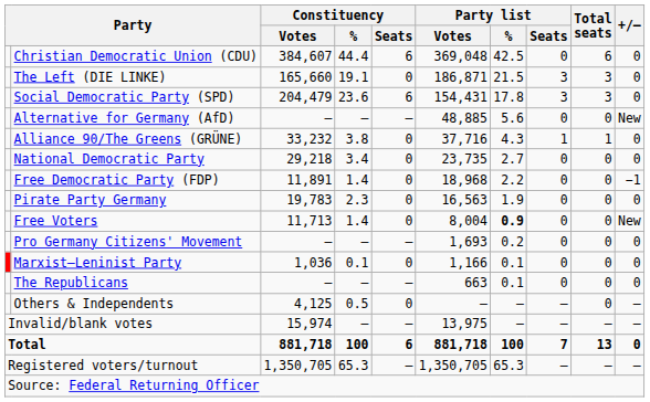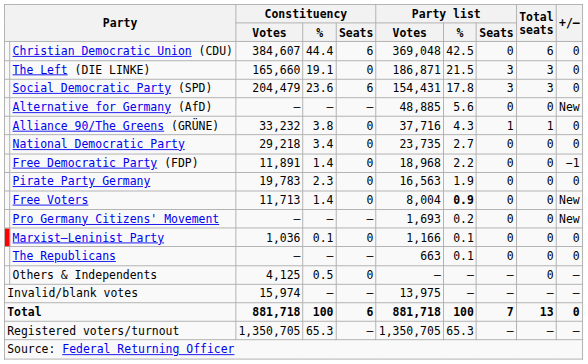 <table class="wikitable" style="text-align:right">
 <tr>
 <th colspan="2" rowspan="2">Party</th>
 <th colspan="3">Constituency</th>
 <th colspan="3">Party list</th>
 <th rowspan="2">Total<br>seats</th>
 <th rowspan="2">+/–</th>
 </tr>
 <tr>
 <th>Votes</th>
 <th>%</th>
 <th>Seats</th>
 <th>Votes</th>
 <th>%</th>
 <th>Seats</th>
 </tr>
 <tr>
 <td></td>
 <td align="left"><a href='#'>Christian Democratic Union</a> (CDU)</td>
 <td>384,607</td>
 <td>44.4</td>
 <td>6</td>
 <td>369,048</td>
 <td>42.5</td>
 <td>0</td>
 <td>6</td>
 <td>0</td>
 </tr>
 <tr>
 <td></td>
 <td align="left"><a href='#'>The Left</a> (DIE LINKE)</td>
 <td>165,660</td>
 <td>19.1</td>
 <td>0</td>
 <td>186,871</td>
 <td>21.5</td>
 <td>3</td>
 <td>3</td>
 <td>0</td>
 </tr>
 <tr>
 <td></td>
 <td align="left"><a href='#'>Social Democratic Party</a> (SPD)</td>
 <td>204,479</td>
 <td>23.6</td>
 <td>6</td>
 <td>154,431</td>
 <td>17.8</td>
 <td>3</td>
 <td>3</td>
 <td>0</td>
 </tr>
 <tr>
 <td></td>
 <td align="left"><a href='#'>Alternative for Germany</a> (AfD)</td>
 <td>–</td>
 <td>–</td>
 <td>–</td>
 <td>48,885</td>
 <td>5.6</td>
 <td>0</td>
 <td>0</td>
 <td>New</td>
 </tr>
 <tr>
 <td></td>
 <td align="left"><a href='#'>Alliance 90/The Greens</a> (GRÜNE)</td>
 <td>33,232</td>
 <td>3.8</td>
 <td>0</td>
 <td>37,716</td>
 <td>4.3</td>
 <td>1</td>
 <td>1</td>
 <td>0</td>
 </tr>
 <tr>
 <td style="background-color:"></td>
 <td align="left"><a href='#'>National Democratic Party</a></td>
 <td>29,218</td>
 <td>3.4</td>
 <td>0</td>
 <td>23,735</td>
 <td>2.7</td>
 <td>0</td>
 <td>0</td>
 <td>0</td>
 </tr>
 <tr>
 <td></td>
 <td align="left"><a href='#'>Free Democratic Party</a> (FDP)</td>
 <td>11,891</td>
 <td>1.4</td>
 <td>0</td>
 <td>18,968</td>
 <td>2.2</td>
 <td>0</td>
 <td>0</td>
 <td>−1</td>
 </tr>
 <tr>
 <td style="background-color:"></td>
 <td align="left"><a href='#'>Pirate Party Germany</a></td>
 <td>19,783</td>
 <td>2.3</td>
 <td>0</td>
 <td>16,563</td>
 <td>1.9</td>
 <td>0</td>
 <td>0</td>
 <td>0</td>
 </tr>
 <tr>
 <td style="background-color:"></td>
 <td align="left"><a href='#'>Free Voters</a></td>
 <td>11,713</td>
 <td>1.4</td>
 <td>0</td>
 <td>8,004</td>
 <td><strong>0.9</strong></td>
 <td>0</td>
 <td>0</td>
 <td>New</td>
 </tr>
 <tr>
 <td></td>
 <td align="left"><a href='#'>Pro Germany Citizens' Movement</a></td>
 <td>–</td>
 <td>–</td>
 <td>–</td>
 <td>1,693</td>
 <td>0.2</td>
 <td>0</td>
 <td>0</td>
-<td>0</td>
+<td>New</td>
 </tr>
 <tr>
 <td style="background-color:red"></td>
 <td align="left"><a href='#'>Marxist–Leninist Party</a></td>
 <td>1,036</td>
 <td>0.1</td>
 <td>0</td>
 <td>1,166</td>
 <td>0.1</td>
 <td>0</td>
 <td>0</td>
 <td>0</td>
 </tr>
 <tr>
 <td style="background-color:"></td>
 <td align="left"><a href='#'>The Republicans</a></td>
 <td>–</td>
 <td>–</td>
 <td>–</td>
 <td>663</td>
 <td>0.1</td>
 <td>0</td>
 <td>0</td>
 <td>0</td>
 </tr>
 <tr>
 <td></td>
 <td align="left">Others & Independents</td>
 <td>4,125</td>
 <td>0.5</td>
 <td>0</td>
 <td>–</td>
 <td>–</td>
 <td>–</td>
 <td>0</td>
 <td>–</td>
 </tr>
 <tr>
 <td colspan="2" align="left">Invalid/blank votes</td>
 <td>15,974</td>
 <td>–</td>
 <td>–</td>
 <td>13,975</td>
 <td>–</td>
 <td>–</td>
 <td>–</td>
 <td>–</td>
 </tr>
 <tr>
 <td colspan="2" align="left"><strong>Total</strong></td>
 <td><strong>881,718</strong></td>
 <td><strong>100</strong></td>
 <td><strong>6</strong></td>
 <td><strong>881,718</strong></td>
 <td><strong>100</strong></td>
 <td><strong>7</strong></td>
 <td><strong>13</strong></td>
 <td><strong>0</strong></td>
 </tr>
 <tr>
 <td colspan="2" align="left">Registered voters/turnout</td>
 <td>1,350,705</td>
 <td>65.3</td>
 <td>–</td>
 <td>1,350,705</td>
 <td>65.3</td>
 <td>–</td>
 <td>–</td>
 <td>–</td>
 </tr>
 <tr>
 <td colspan="10" align="left">Source: <a href='#'>Federal Returning Officer</a></td>
 </tr>
 </table>
